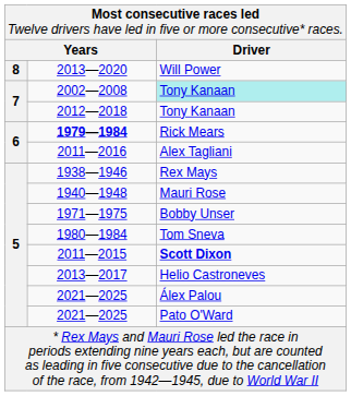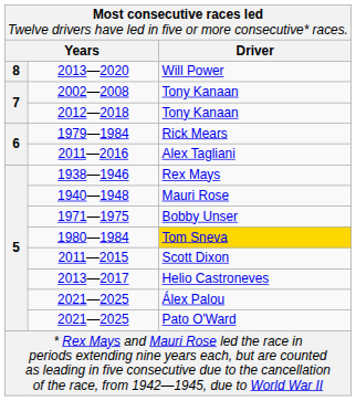 <table class="wikitable">
 <tr>
 <td style="background:#F2F2F2; text-align: center;" colspan="3"><strong>Most consecutive races led</strong><br><em>Twelve drivers have led in five or more consecutive* races.</em></td>
 </tr>
 <tr>
 <td style="background:#F2F2F2; text-align: center;" colspan="2"><strong>Years</strong></td>
 <td style="background:#F2F2F2; text-align: center;"><strong>Driver</strong></td>
 </tr>
 <tr>
 <td style="background:#F2F2F2; text-align: center;"><strong>8</strong></td>
 <td align="center"><a href='#'>2013</a>—<a href='#'>2020</a></td>
 <td> <a href='#'>Will Power</a></td>
 </tr>
 <tr>
 <td style="background:#F2F2F2; text-align: center;" rowspan="2"><strong>7</strong></td>
 <td style="text-align: center;"><a href='#'>2002</a>—<a href='#'>2008</a></td>
-<td style="background: paleturquoise;"> <a href='#'>Tony Kanaan</a></td>
+<td> <a href='#'>Tony Kanaan</a></td>
 </tr>
 <tr>
 <td style="text-align: center;"><a href='#'>2012</a>—<a href='#'>2018</a></td>
 <td> <a href='#'>Tony Kanaan</a></td>
 </tr>
 <tr>
 <td style="background:#F2F2F2;" align="center" rowspan="2"><strong>6</strong></td>
-<td align="center"><strong><a href='#'>1979</a>—<a href='#'>1984</a></strong></td>
+<td align="center"><a href='#'>1979</a>—<a href='#'>1984</a></td>
 <td> <a href='#'>Rick Mears</a></td>
 </tr>
 <tr>
 <td align="center"><a href='#'>2011</a>—<a href='#'>2016</a></td>
 <td> <a href='#'>Alex Tagliani</a></td>
 </tr>
 <tr>
 <td style="background:#F2F2F2; text-align: center;" rowspan="8"><strong>5</strong></td>
 <td style="text-align: center;"><a href='#'>1938</a>—<a href='#'>1946</a></td>
 <td> <a href='#'>Rex Mays</a></td>
 </tr>
 <tr>
 <td style="text-align: center;"><a href='#'>1940</a>—<a href='#'>1948</a></td>
 <td> <a href='#'>Mauri Rose</a></td>
 </tr>
 <tr>
 <td style="text-align: center;"><a href='#'>1971</a>—<a href='#'>1975</a></td>
 <td> <a href='#'>Bobby Unser</a></td>
 </tr>
 <tr>
 <td style="text-align: center;"><a href='#'>1980</a>—<a href='#'>1984</a></td>
-<td> <a href='#'>Tom Sneva</a></td>
+<td style="background: gold;"> <a href='#'>Tom Sneva</a></td>
 </tr>
 <tr>
 <td style="text-align: center;"><a href='#'>2011</a>—<a href='#'>2015</a></td>
-<td><strong> <a href='#'>Scott Dixon</a></strong></td>
+<td> <a href='#'>Scott Dixon</a></td>
 </tr>
 <tr>
 <td style="text-align: center;"><a href='#'>2013</a>—<a href='#'>2017</a></td>
 <td> <a href='#'>Helio Castroneves</a></td>
 </tr>
 <tr>
 <td style="text-align: center;"><a href='#'>2021</a>—<a href='#'>2025</a></td>
 <td> <a href='#'>Álex Palou</a></td>
 </tr>
 <tr>
 <td style="text-align: center;"><a href='#'>2021</a>—<a href='#'>2025</a></td>
 <td> <a href='#'>Pato O'Ward</a></td>
 </tr>
 <tr>
 <td style="background:#F2F2F2; text-align: center;" colspan="3"><em>*  <a href='#'>Rex Mays</a> and  <a href='#'>Mauri Rose</a> led the race in<br>periods extending nine years each, but are counted<br>as leading in five consecutive due to the cancellation<br>of the race, from 1942—1945, due to <a href='#'>World War II</a></em></td>
 </tr>
 </table>
